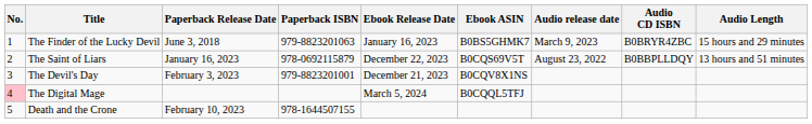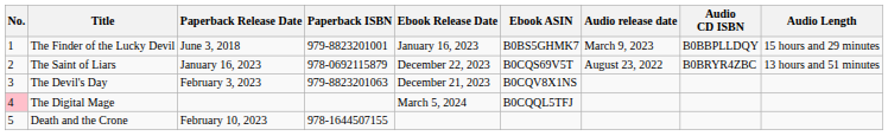 <table class="wikitable">
 <tr>
 <th>No.</th>
 <th>Title</th>
 <th>Paperback Release Date</th>
 <th>Paperback ISBN</th>
 <th>Ebook Release Date</th>
 <th>Ebook ASIN</th>
 <th>Audio release date</th>
 <th>Audio<br>CD ISBN</th>
 <th>Audio Length</th>
 </tr>
 <tr>
 <td>1</td>
 <td>The Finder of the Lucky Devil</td>
 <td>June 3, 2018</td>
-<td>979-8823201063</td>
+<td>979-8823201001</td>
 <td>January 16, 2023</td>
 <td>B0BS5GHMK7</td>
 <td>March 9, 2023</td>
-<td>B0BRYR4ZBC</td>
+<td>B0BBPLLDQY</td>
 <td>15 hours and 29 minutes</td>
 </tr>
 <tr>
 <td>2</td>
 <td>The Saint of Liars</td>
 <td>January 16, 2023</td>
 <td>978-0692115879</td>
 <td>December 22, 2023</td>
 <td>B0CQS69V5T</td>
 <td>August 23, 2022</td>
-<td>B0BBPLLDQY</td>
+<td>B0BRYR4ZBC</td>
 <td>13 hours and 51 minutes</td>
 </tr>
 <tr>
 <td>3</td>
 <td>The Devil's Day</td>
 <td>February 3, 2023</td>
-<td>979-8823201001</td>
+<td>979-8823201063</td>
 <td>December 21, 2023</td>
 <td>B0CQV8X1NS</td>
 <td></td>
 <td></td>
 <td></td>
 </tr>
 <tr>
 <td style="background: pink;">4</td>
 <td>The Digital Mage</td>
 <td></td>
 <td></td>
 <td>March 5, 2024</td>
 <td>B0CQQL5TFJ</td>
 <td></td>
 <td></td>
 <td></td>
 </tr>
 <tr>
 <td>5</td>
 <td>Death and the Crone</td>
 <td>February 10, 2023</td>
 <td>978-1644507155</td>
 <td></td>
 <td></td>
 <td></td>
 <td></td>
 <td></td>
 </tr>
 </table>
